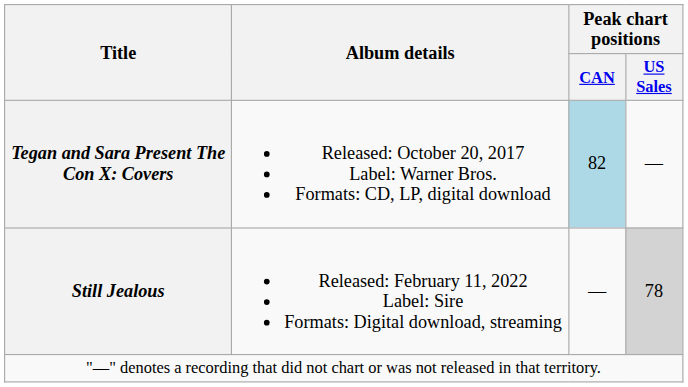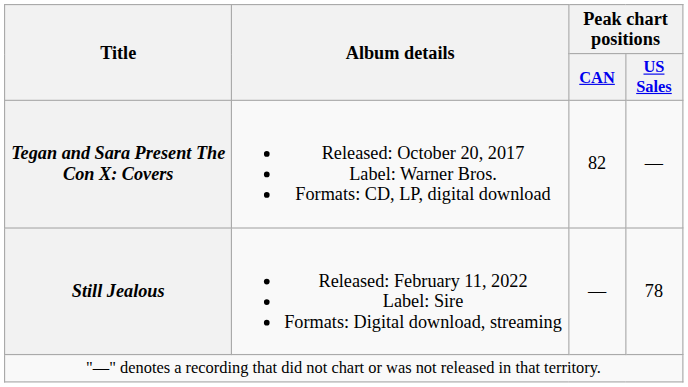 <table class="wikitable plainrowheaders" style="text-align:center;">
 <tr>
 <th scope="col" rowspan="2" style="width:12em;">Title</th>
 <th scope="col" rowspan="2" style="width:18em;">Album details</th>
 <th scope="col" colspan="2">Peak chart positions</th>
 </tr>
 <tr>
 <th scope="col" style="width:3em;font-size:90%"><a href='#'>CAN</a><br></th>
 <th scope="col" style="width:3em;font-size:90%"><a href='#'>US<br>Sales</a><br></th>
 </tr>
 <tr>
 <th scope="row"><em>Tegan and Sara Present The Con X: Covers</em></th>
 <td><br><ul><li>Released: October 20, 2017</li><li>Label: Warner Bros.</li><li>Formats: CD, LP, digital download</li></ul></td>
-<td style="background: lightblue;">82</td>
+<td>82</td>
 <td>—</td>
 </tr>
 <tr>
 <th scope="row"><em>Still Jealous</em></th>
 <td><br><ul><li>Released: February 11, 2022</li><li>Label: Sire</li><li>Formats: Digital download, streaming</li></ul></td>
 <td>—</td>
-<td style="background: lightgrey;">78</td>
+<td>78</td>
 </tr>
 <tr>
 <td colspan="14" style="font-size:90%">"—" denotes a recording that did not chart or was not released in that territory.</td>
 </tr>
 </table>
